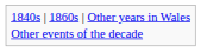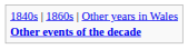 <table class="infobox" id="toc">
 <tr>
 <td align="left"><a href='#'>1840s</a> | <a href='#'>1860s</a> | <a href='#'>Other years in Wales</a></td>
 </tr>
 <tr>
-<td><a href='#'>Other events of the decade</a></td>
+<td><strong><a href='#'>Other events of the decade</a></strong></td>
 </tr>
 </table>
